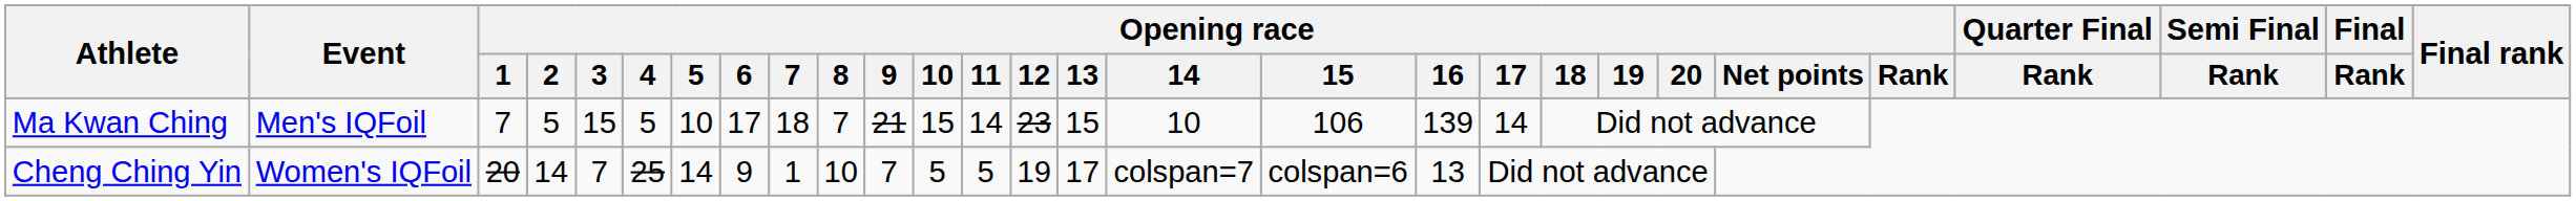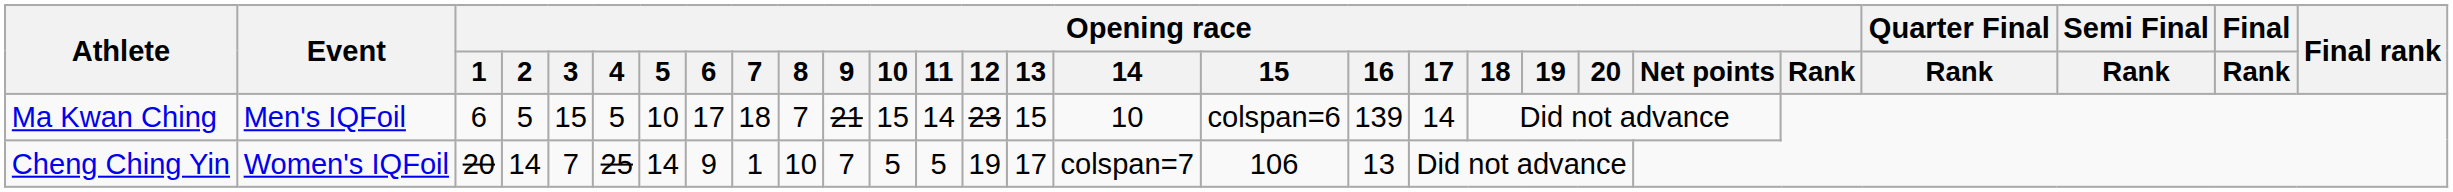 <table class=wikitable style=font-size:90%;text-align:center>
 <tr>
 <th rowspan=2>Athlete</th>
 <th rowspan=2>Event</th>
 <th colspan=22>Opening race</th>
 <th>Quarter Final</th>
 <th>Semi Final</th>
 <th>Final</th>
 <th rowspan=2>Final rank</th>
 </tr>
 <tr style="font-size:95%">
 <th>1</th>
 <th>2</th>
 <th>3</th>
 <th>4</th>
 <th>5</th>
 <th>6</th>
 <th>7</th>
 <th>8</th>
 <th>9</th>
 <th>10</th>
 <th>11</th>
 <th>12</th>
 <th>13</th>
 <th>14</th>
 <th>15</th>
 <th>16</th>
 <th>17</th>
 <th>18</th>
 <th>19</th>
 <th>20</th>
 <th>Net points</th>
 <th>Rank</th>
 <th>Rank</th>
 <th>Rank</th>
 <th>Rank</th>
 </tr>
 <tr>
 <td align=left><a href='#'>Ma Kwan Ching</a></td>
 <td align=left><a href='#'>Men's IQFoil</a></td>
-<td>7</td>
+<td>6</td>
 <td>5</td>
 <td>15</td>
 <td>5</td>
 <td>10</td>
 <td>17</td>
 <td>18</td>
 <td>7</td>
 <td><s>21</s></td>
 <td>15</td>
 <td>14</td>
 <td><s>23</s></td>
 <td>15</td>
 <td>10</td>
-<td>106</td>
+<td>colspan=6</td>
 <td>139</td>
 <td>14</td>
 <td colspan=4>Did not advance</td>
 </tr>
 <tr>
 <td align=left><a href='#'>Cheng Ching Yin</a></td>
 <td align=left><a href='#'>Women's IQFoil</a></td>
 <td><s>20</s></td>
 <td>14</td>
 <td>7</td>
 <td><s>25</s></td>
 <td>14</td>
 <td>9</td>
 <td>1</td>
 <td>10</td>
 <td>7</td>
 <td>5</td>
 <td>5</td>
 <td>19</td>
 <td>17</td>
 <td>colspan=7</td>
-<td>colspan=6</td>
+<td>106</td>
 <td>13</td>
 <td colspan=4>Did not advance</td>
 </tr>
 </table>
